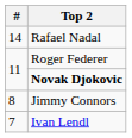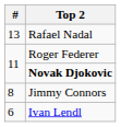 <table class="wikitable" style="display:inline-table;">
 <tr>
 <th width=20>#</th>
 <th>Top 2</th>
 </tr>
 <tr>
-<td>14</td>
+<td>13</td>
 <td> Rafael Nadal</td>
 </tr>
 <tr>
 <td rowspan="2">11</td>
 <td> Roger Federer</td>
 </tr>
 <tr>
 <td> <strong>Novak Djokovic</strong></td>
 </tr>
 <tr>
 <td>8</td>
 <td> Jimmy Connors</td>
 </tr>
 <tr>
-<td>7</td>
+<td>6</td>
 <td> <a href='#'>Ivan Lendl</a></td>
 </tr>
 </table>
